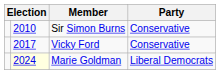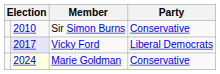 <table class="wikitable">
 <tr>
 <th colspan="2">Election</th>
 <th>Member</th>
 <th>Party</th>
 </tr>
 <tr>
 <td style="color:inherit;background-color: "></td>
 <td><a href='#'>2010</a></td>
 <td>Sir <a href='#'>Simon Burns</a></td>
 <td><a href='#'>Conservative</a></td>
 </tr>
 <tr>
 <td style="color:inherit;background-color: "></td>
-<td><a href='#'>2017</a></td>
+<td style="background: lavender;"><a href='#'>2017</a></td>
 <td><a href='#'>Vicky Ford</a></td>
-<td><a href='#'>Conservative</a></td>
+<td><a href='#'>Liberal Democrats</a></td>
 </tr>
 <tr>
 <td style="color:inherit;background-color: "></td>
 <td style="background: lightyellow;"><a href='#'>2024</a></td>
 <td><a href='#'>Marie Goldman</a></td>
-<td><a href='#'>Liberal Democrats</a></td>
+<td><a href='#'>Conservative</a></td>
 </tr>
 </table>
